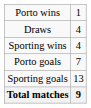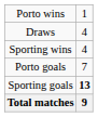 <table class="wikitable" style="text-align:center">
 <tr>
 <td>Porto wins</td>
 <td>1</td>
 </tr>
 <tr>
 <td>Draws</td>
 <td>4</td>
 </tr>
 <tr>
 <td>Sporting wins</td>
 <td>4</td>
 </tr>
 <tr>
 <td>Porto goals</td>
 <td>7</td>
 </tr>
 <tr>
 <td>Sporting goals</td>
-<td>13</td>
+<td><strong>13</strong></td>
 </tr>
 <tr>
 <th>Total matches</th>
 <th>9</th>
 </tr>
 </table>
